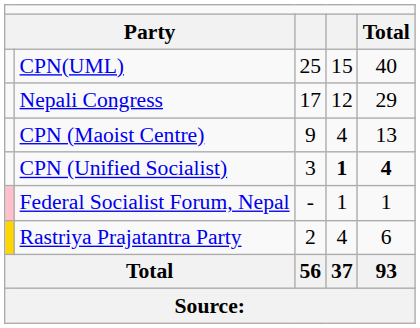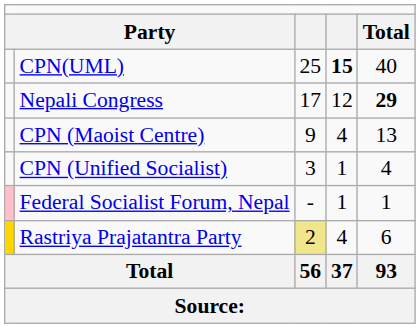 <table class="wikitable" style="text-align:right">
 <tr>
 <td colspan="5"></td>
 </tr>
 <tr>
 <th colspan="2">Party</th>
 <th></th>
 <th></th>
 <th>Total</th>
 </tr>
 <tr>
 <td></td>
 <td align="left"><a href='#'>CPN(UML)</a></td>
 <td align="center">25</td>
-<td align="center">15</td>
+<td align="center"><strong>15</strong></td>
 <td align="center">40</td>
 </tr>
 <tr>
 <td></td>
 <td align="left"><a href='#'>Nepali Congress</a></td>
 <td align="center">17</td>
 <td align="center">12</td>
-<td align="center">29</td>
+<td align="center"><strong>29</strong></td>
 </tr>
 <tr>
 <td></td>
 <td align="left"><a href='#'>CPN (Maoist Centre)</a></td>
 <td align="center">9</td>
 <td align="center">4</td>
 <td align="center">13</td>
 </tr>
 <tr>
 <td></td>
 <td align="left"><a href='#'>CPN (Unified Socialist)</a></td>
 <td align="center">3</td>
-<td align="center"><strong>1</strong></td>
-<td align="center"><strong>4</strong></td>
+<td align="center">1</td>
+<td align="center">4</td>
 </tr>
 <tr>
 <td bgcolor="#ffc0cb"></td>
 <td align="left"><a href='#'>Federal Socialist Forum, Nepal</a></td>
 <td align="center">-</td>
 <td align="center">1</td>
 <td align="center">1</td>
 </tr>
 <tr>
 <td bgcolor="#ffd700"></td>
 <td align="left"><a href='#'>Rastriya Prajatantra Party</a></td>
-<td align="center">2</td>
+<td align="center" style="background: khaki;">2</td>
 <td align="center">4</td>
 <td align="center">6</td>
 </tr>
 <tr>
 <th colspan="2" align="left"><strong>Total</strong></th>
 <th>56</th>
 <th>37</th>
 <th>93</th>
 </tr>
 <tr>
 <th colspan="5" align="left">Source: </th>
 </tr>
 </table>
